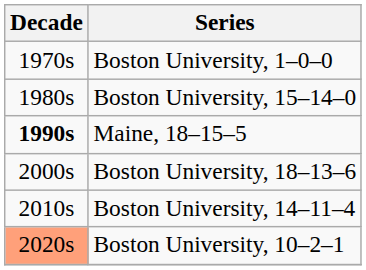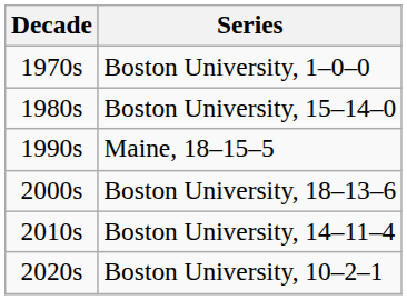 <table class="wikitable">
 <tr>
 <th>Decade</th>
 <th>Series</th>
 </tr>
 <tr>
 <td style="text-align:center">1970s</td>
 <td>Boston University, 1–0–0</td>
 </tr>
 <tr>
 <td style="text-align:center">1980s</td>
 <td>Boston University, 15–14–0</td>
 </tr>
 <tr>
-<td style="text-align:center"><strong>1990s</strong></td>
+<td style="text-align:center">1990s</td>
 <td>Maine, 18–15–5</td>
 </tr>
 <tr>
 <td style="text-align:center">2000s</td>
 <td>Boston University, 18–13–6</td>
 </tr>
 <tr>
 <td style="text-align:center">2010s</td>
 <td>Boston University, 14–11–4</td>
 </tr>
 <tr>
-<td style="background: lightsalmon; text-align:center">2020s</td>
+<td style="text-align:center">2020s</td>
 <td>Boston University, 10–2–1</td>
 </tr>
 <tr>
 </tr>
 </table>
